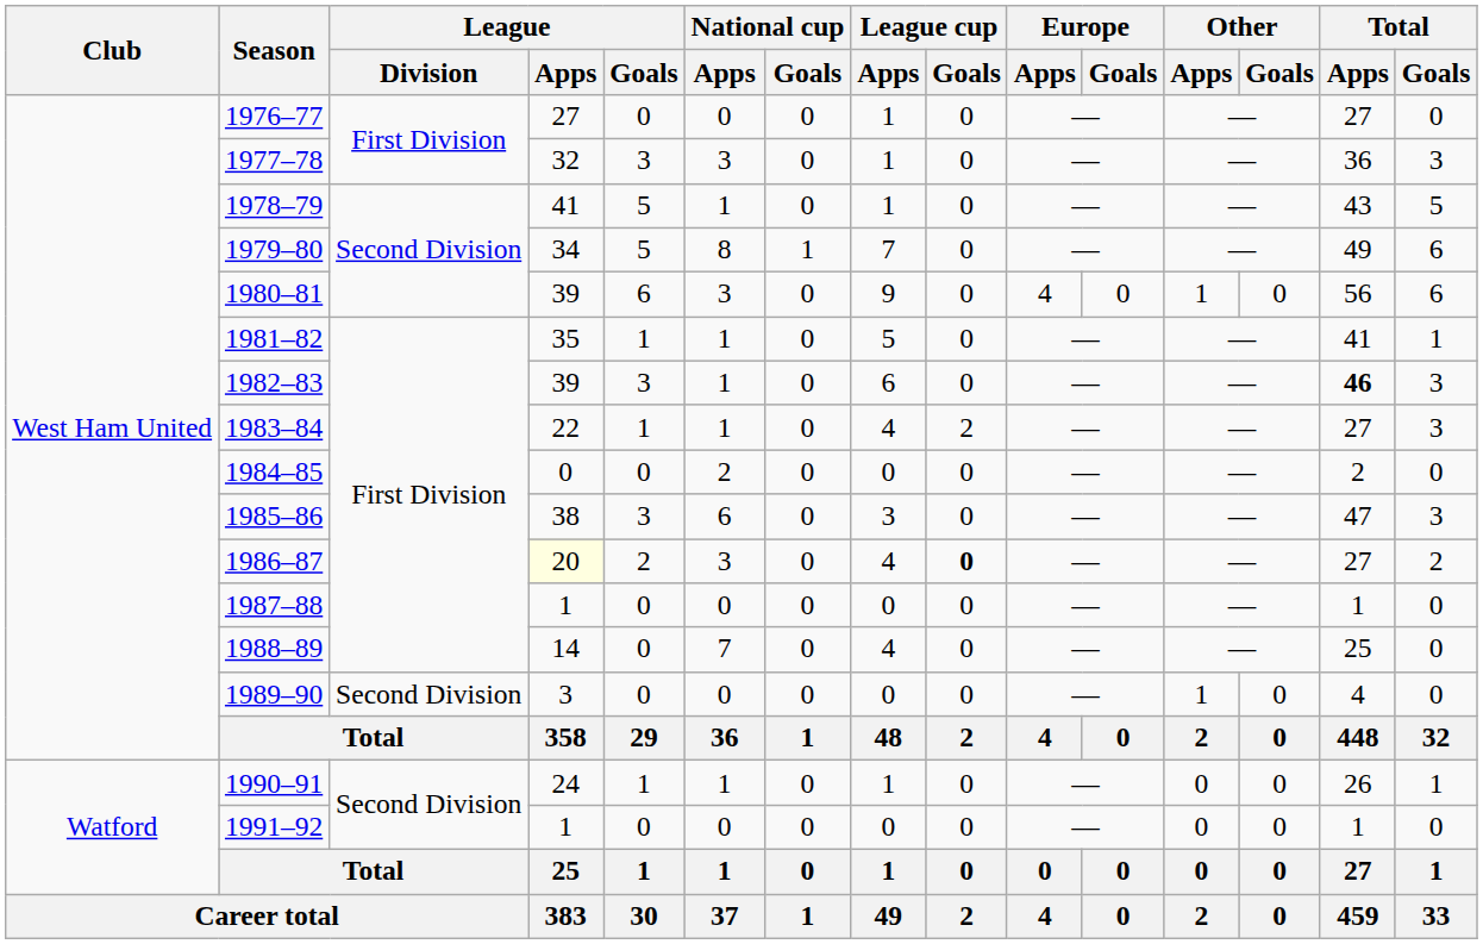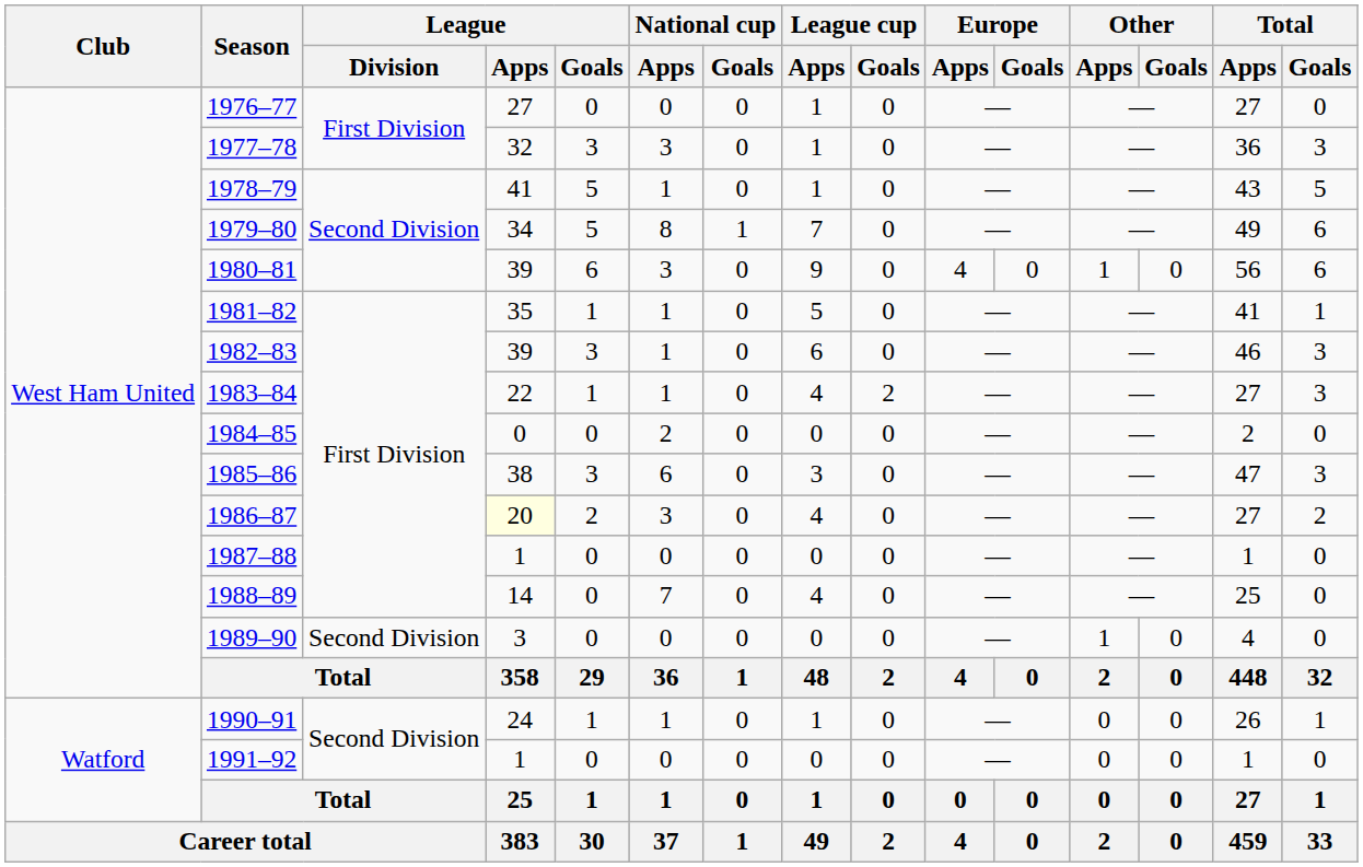 <table class="wikitable" style="text-align:center">
 <tr>
 <th rowspan="2">Club</th>
 <th rowspan="2">Season</th>
 <th colspan="3">League</th>
 <th colspan="2">National cup</th>
 <th colspan="2">League cup</th>
 <th colspan="2">Europe</th>
 <th colspan="2">Other</th>
 <th colspan="2">Total</th>
 </tr>
 <tr>
 <th>Division</th>
 <th>Apps</th>
 <th>Goals</th>
 <th>Apps</th>
 <th>Goals</th>
 <th>Apps</th>
 <th>Goals</th>
 <th>Apps</th>
 <th>Goals</th>
 <th>Apps</th>
 <th>Goals</th>
 <th>Apps</th>
 <th>Goals</th>
 </tr>
 <tr>
 <td rowspan="15"><a href='#'>West Ham United</a></td>
 <td><a href='#'>1976–77</a></td>
 <td rowspan="2"><a href='#'>First Division</a></td>
 <td>27</td>
 <td>0</td>
 <td>0</td>
 <td>0</td>
 <td>1</td>
 <td>0</td>
 <td colspan="2">—</td>
 <td colspan="2">—</td>
 <td>27</td>
 <td>0</td>
 </tr>
 <tr>
 <td><a href='#'>1977–78</a></td>
 <td>32</td>
 <td>3</td>
 <td>3</td>
 <td>0</td>
 <td>1</td>
 <td>0</td>
 <td colspan="2">—</td>
 <td colspan="2">—</td>
 <td>36</td>
 <td>3</td>
 </tr>
 <tr>
 <td><a href='#'>1978–79</a></td>
 <td rowspan="3"><a href='#'>Second Division</a></td>
 <td>41</td>
 <td>5</td>
 <td>1</td>
 <td>0</td>
 <td>1</td>
 <td>0</td>
 <td colspan="2">—</td>
 <td colspan="2">—</td>
 <td>43</td>
 <td>5</td>
 </tr>
 <tr>
 <td><a href='#'>1979–80</a></td>
 <td>34</td>
 <td>5</td>
 <td>8</td>
 <td>1</td>
 <td>7</td>
 <td>0</td>
 <td colspan="2">—</td>
 <td colspan="2">—</td>
 <td>49</td>
 <td>6</td>
 </tr>
 <tr>
 <td><a href='#'>1980–81</a></td>
 <td>39</td>
 <td>6</td>
 <td>3</td>
 <td>0</td>
 <td>9</td>
 <td>0</td>
 <td>4</td>
 <td>0</td>
 <td>1</td>
 <td>0</td>
 <td>56</td>
 <td>6</td>
 </tr>
 <tr>
 <td><a href='#'>1981–82</a></td>
 <td rowspan="8">First Division</td>
 <td>35</td>
 <td>1</td>
 <td>1</td>
 <td>0</td>
 <td>5</td>
 <td>0</td>
 <td colspan="2">—</td>
 <td colspan="2">—</td>
 <td>41</td>
 <td>1</td>
 </tr>
 <tr>
 <td><a href='#'>1982–83</a></td>
 <td>39</td>
 <td>3</td>
 <td>1</td>
 <td>0</td>
 <td>6</td>
 <td>0</td>
 <td colspan="2">—</td>
 <td colspan="2">—</td>
-<td><strong>46</strong></td>
+<td>46</td>
 <td>3</td>
 </tr>
 <tr>
 <td><a href='#'>1983–84</a></td>
 <td>22</td>
 <td>1</td>
 <td>1</td>
 <td>0</td>
 <td>4</td>
 <td>2</td>
 <td colspan="2">—</td>
 <td colspan="2">—</td>
 <td>27</td>
 <td>3</td>
 </tr>
 <tr>
 <td><a href='#'>1984–85</a></td>
 <td>0</td>
 <td>0</td>
 <td>2</td>
 <td>0</td>
 <td>0</td>
 <td>0</td>
 <td colspan="2">—</td>
 <td colspan="2">—</td>
 <td>2</td>
 <td>0</td>
 </tr>
 <tr>
 <td><a href='#'>1985–86</a></td>
 <td>38</td>
 <td>3</td>
 <td>6</td>
 <td>0</td>
 <td>3</td>
 <td>0</td>
 <td colspan="2">—</td>
 <td colspan="2">—</td>
 <td>47</td>
 <td>3</td>
 </tr>
 <tr>
 <td><a href='#'>1986–87</a></td>
 <td style="background: lightyellow;">20</td>
 <td>2</td>
 <td>3</td>
 <td>0</td>
 <td>4</td>
-<td><strong>0</strong></td>
+<td>0</td>
 <td colspan="2">—</td>
 <td colspan="2">—</td>
 <td>27</td>
 <td>2</td>
 </tr>
 <tr>
 <td><a href='#'>1987–88</a></td>
 <td>1</td>
 <td>0</td>
 <td>0</td>
 <td>0</td>
 <td>0</td>
 <td>0</td>
 <td colspan="2">—</td>
 <td colspan="2">—</td>
 <td>1</td>
 <td>0</td>
 </tr>
 <tr>
 <td><a href='#'>1988–89</a></td>
 <td>14</td>
 <td>0</td>
 <td>7</td>
 <td>0</td>
 <td>4</td>
 <td>0</td>
 <td colspan="2">—</td>
 <td colspan="2">—</td>
 <td>25</td>
 <td>0</td>
 </tr>
 <tr>
 <td><a href='#'>1989–90</a></td>
 <td rowspan="1">Second Division</td>
 <td>3</td>
 <td>0</td>
 <td>0</td>
 <td>0</td>
 <td>0</td>
 <td>0</td>
 <td colspan="2">—</td>
 <td>1</td>
 <td>0</td>
 <td>4</td>
 <td>0</td>
 </tr>
 <tr>
 <th colspan="2">Total</th>
 <th>358</th>
 <th>29</th>
 <th>36</th>
 <th>1</th>
 <th>48</th>
 <th>2</th>
 <th>4</th>
 <th>0</th>
 <th>2</th>
 <th>0</th>
 <th>448</th>
 <th>32</th>
 </tr>
 <tr>
 <td rowspan="3"><a href='#'>Watford</a></td>
 <td><a href='#'>1990–91</a></td>
 <td rowspan="2">Second Division</td>
 <td>24</td>
 <td>1</td>
 <td>1</td>
 <td>0</td>
 <td>1</td>
 <td>0</td>
 <td colspan="2">—</td>
 <td>0</td>
 <td>0</td>
 <td>26</td>
 <td>1</td>
 </tr>
 <tr>
 <td><a href='#'>1991–92</a></td>
 <td>1</td>
 <td>0</td>
 <td>0</td>
 <td>0</td>
 <td>0</td>
 <td>0</td>
 <td colspan="2">—</td>
 <td>0</td>
 <td>0</td>
 <td>1</td>
 <td>0</td>
 </tr>
 <tr>
 <th colspan="2">Total</th>
 <th>25</th>
 <th>1</th>
 <th>1</th>
 <th>0</th>
 <th>1</th>
 <th>0</th>
 <th>0</th>
 <th>0</th>
 <th>0</th>
 <th>0</th>
 <th>27</th>
 <th>1</th>
 </tr>
 <tr>
 <th colspan="3">Career total</th>
 <th>383</th>
 <th>30</th>
 <th>37</th>
 <th>1</th>
 <th>49</th>
 <th>2</th>
 <th>4</th>
 <th>0</th>
 <th>2</th>
 <th>0</th>
 <th>459</th>
 <th>33</th>
 </tr>
 </table>
